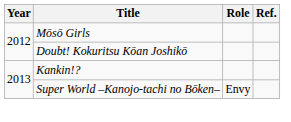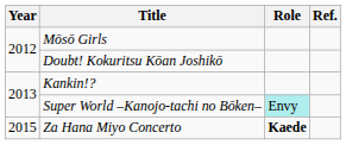 <table class="wikitable">
 <tr>
 <th>Year</th>
 <th>Title</th>
 <th>Role</th>
 <th>Ref.</th>
 </tr>
 <tr>
 <td rowspan="2">2012</td>
 <td><em>Mōsō Girls</em></td>
 <td></td>
 <td></td>
 </tr>
 <tr>
 <td><em>Doubt! Kokuritsu Kōan Joshikō</em></td>
 <td></td>
 <td></td>
 </tr>
 <tr>
 <td rowspan="2">2013</td>
 <td><em>Kankin!?</em></td>
 <td></td>
 <td></td>
 </tr>
 <tr>
 <td><em>Super World –Kanojo-tachi no Bōken–</em></td>
-<td>Envy</td>
+<td style="background: paleturquoise;">Envy</td>
+<td></td>
+</tr>
+<tr>
+<td>2015</td>
+<td><em>Za Hana Miyo Concerto</em></td>
+<td><strong>Kaede</strong></td>
 <td></td>
 </tr>
 </table>
